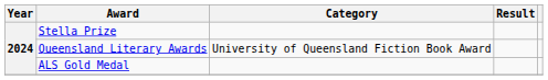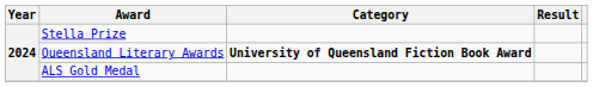 <table class="wikitable sortable">
 <tr>
 <th>Year</th>
 <th>Award</th>
 <th>Category</th>
 <th>Result</th>
 <th></th>
 </tr>
 <tr>
 <th rowspan="3">2024</th>
 <td><a href='#'>Stella Prize</a></td>
 <td></td>
 <td></td>
 <td></td>
 </tr>
 <tr>
 <td><a href='#'>Queensland Literary Awards</a></td>
-<td>University of Queensland Fiction Book Award</td>
+<td><strong>University of Queensland Fiction Book Award</strong></td>
 <td></td>
 <td></td>
 </tr>
 <tr>
 <td><a href='#'>ALS Gold Medal</a></td>
 <td></td>
 <td></td>
 <td></td>
 </tr>
 <tr>
 </tr>
 </table>
